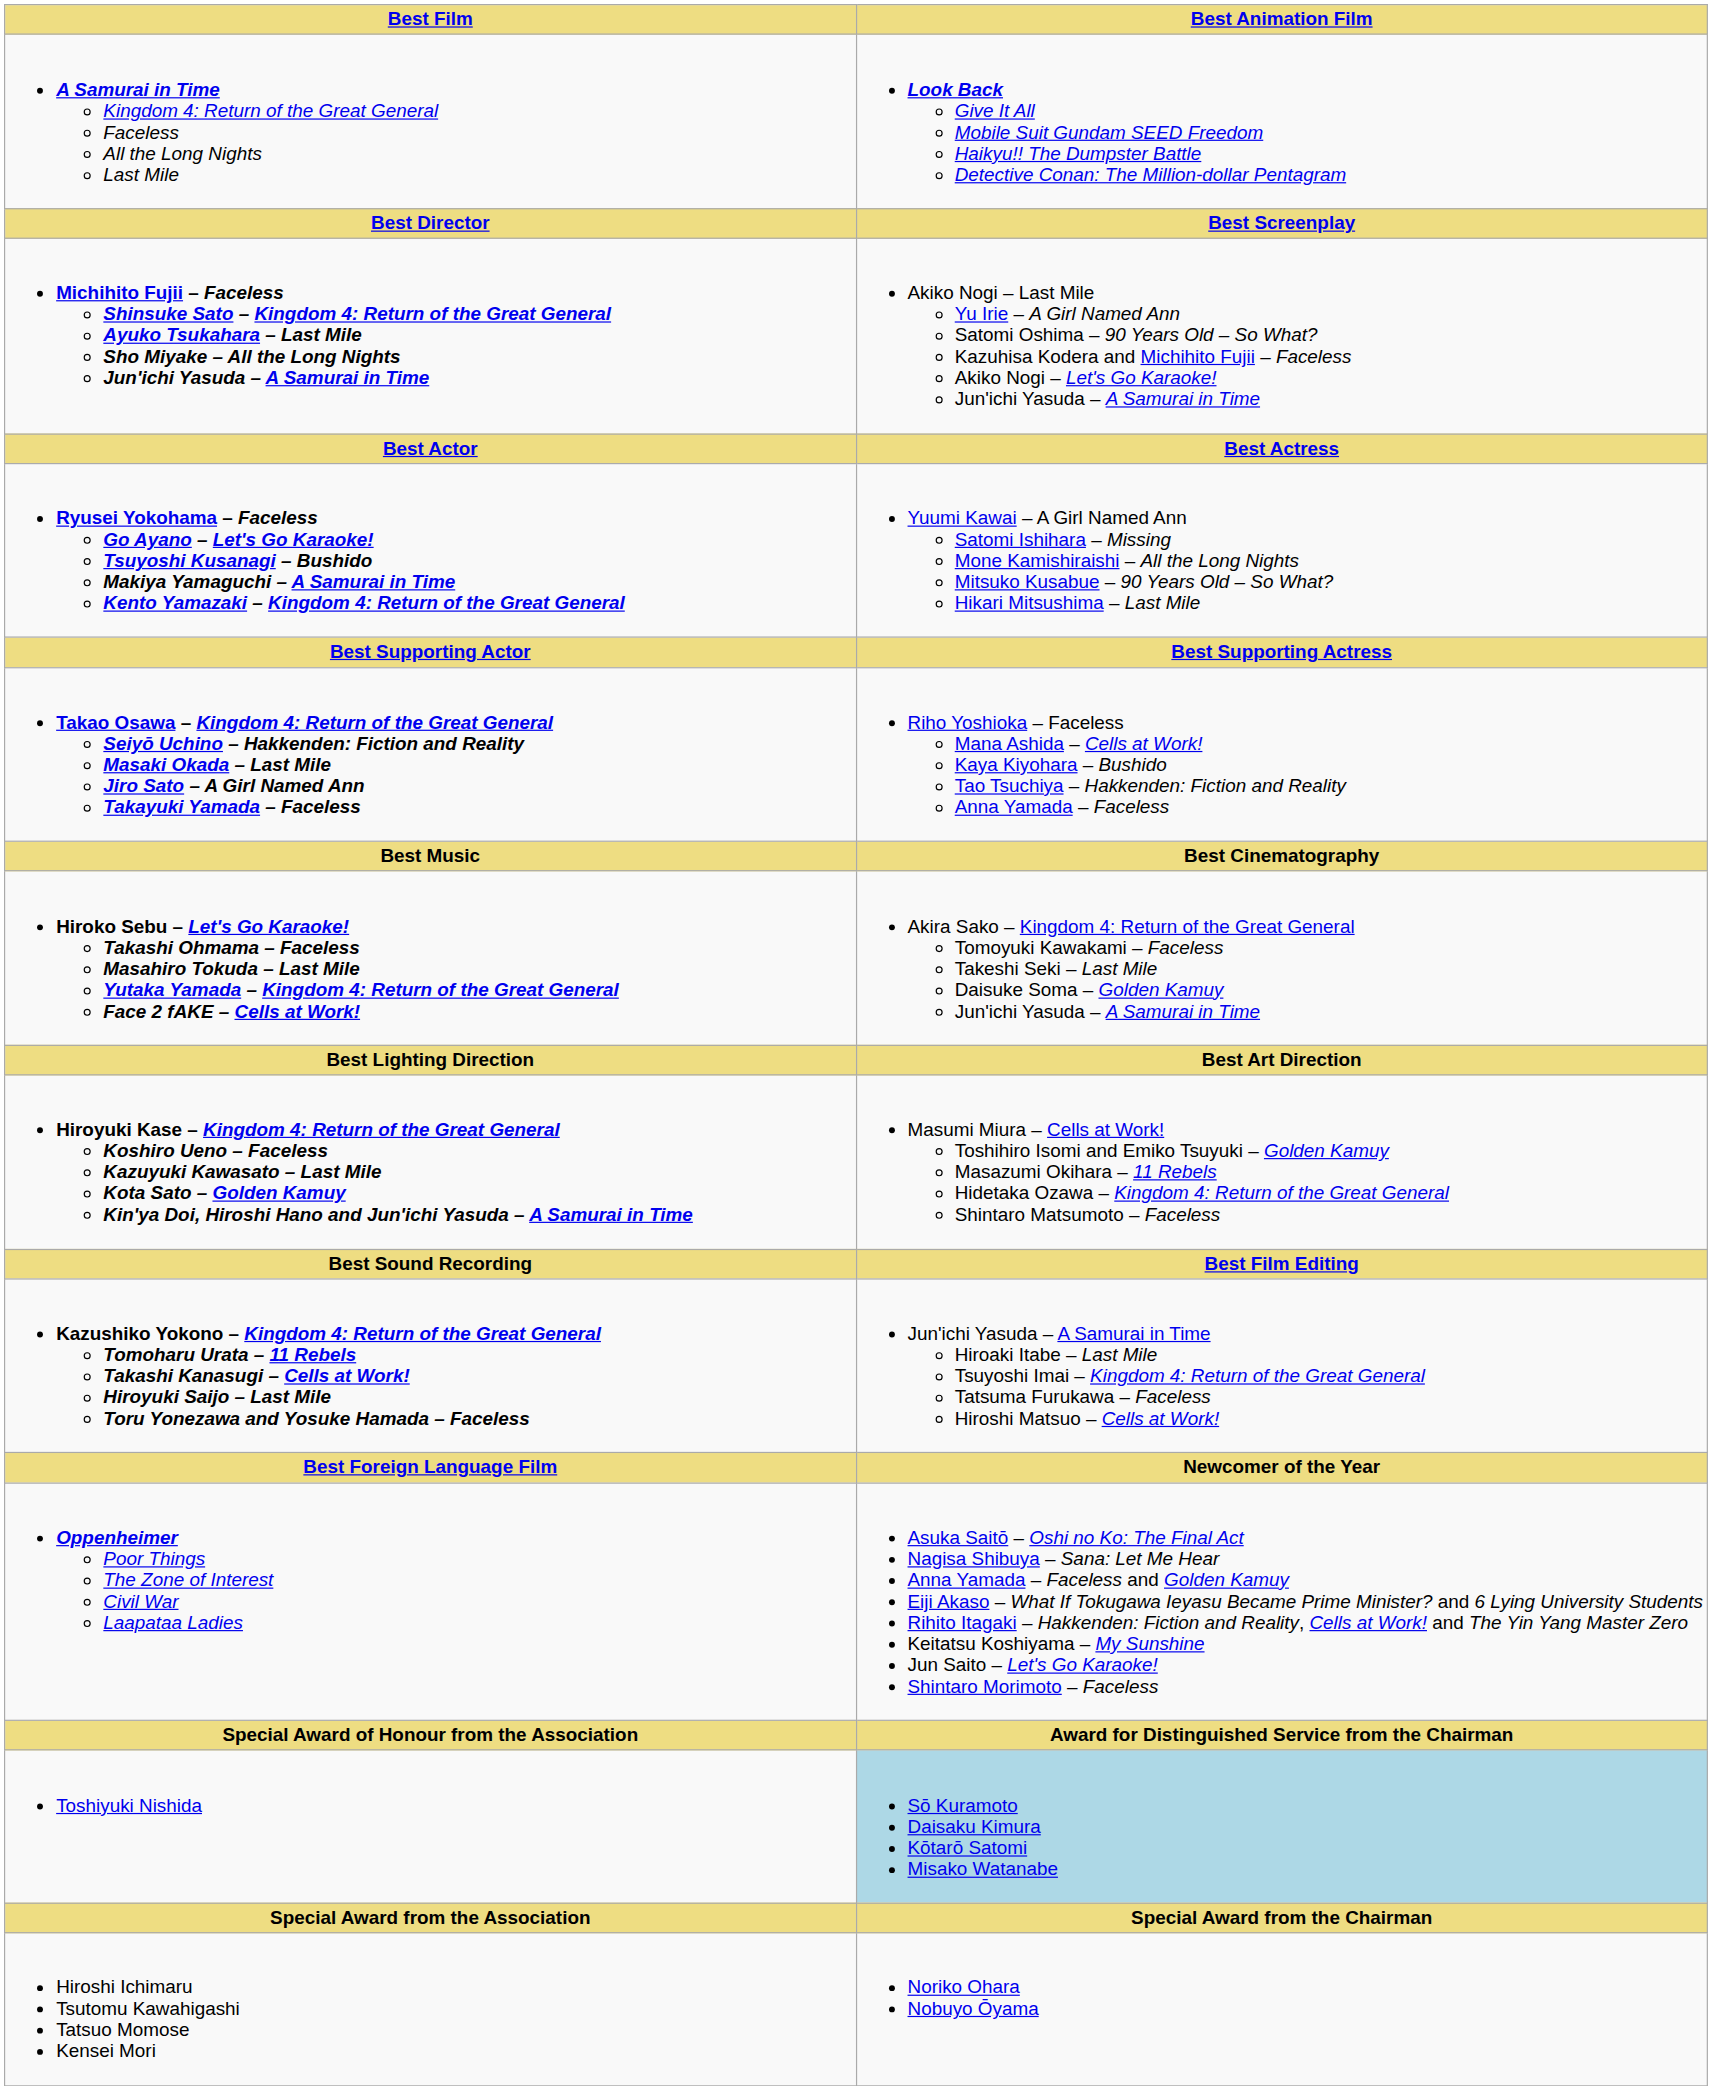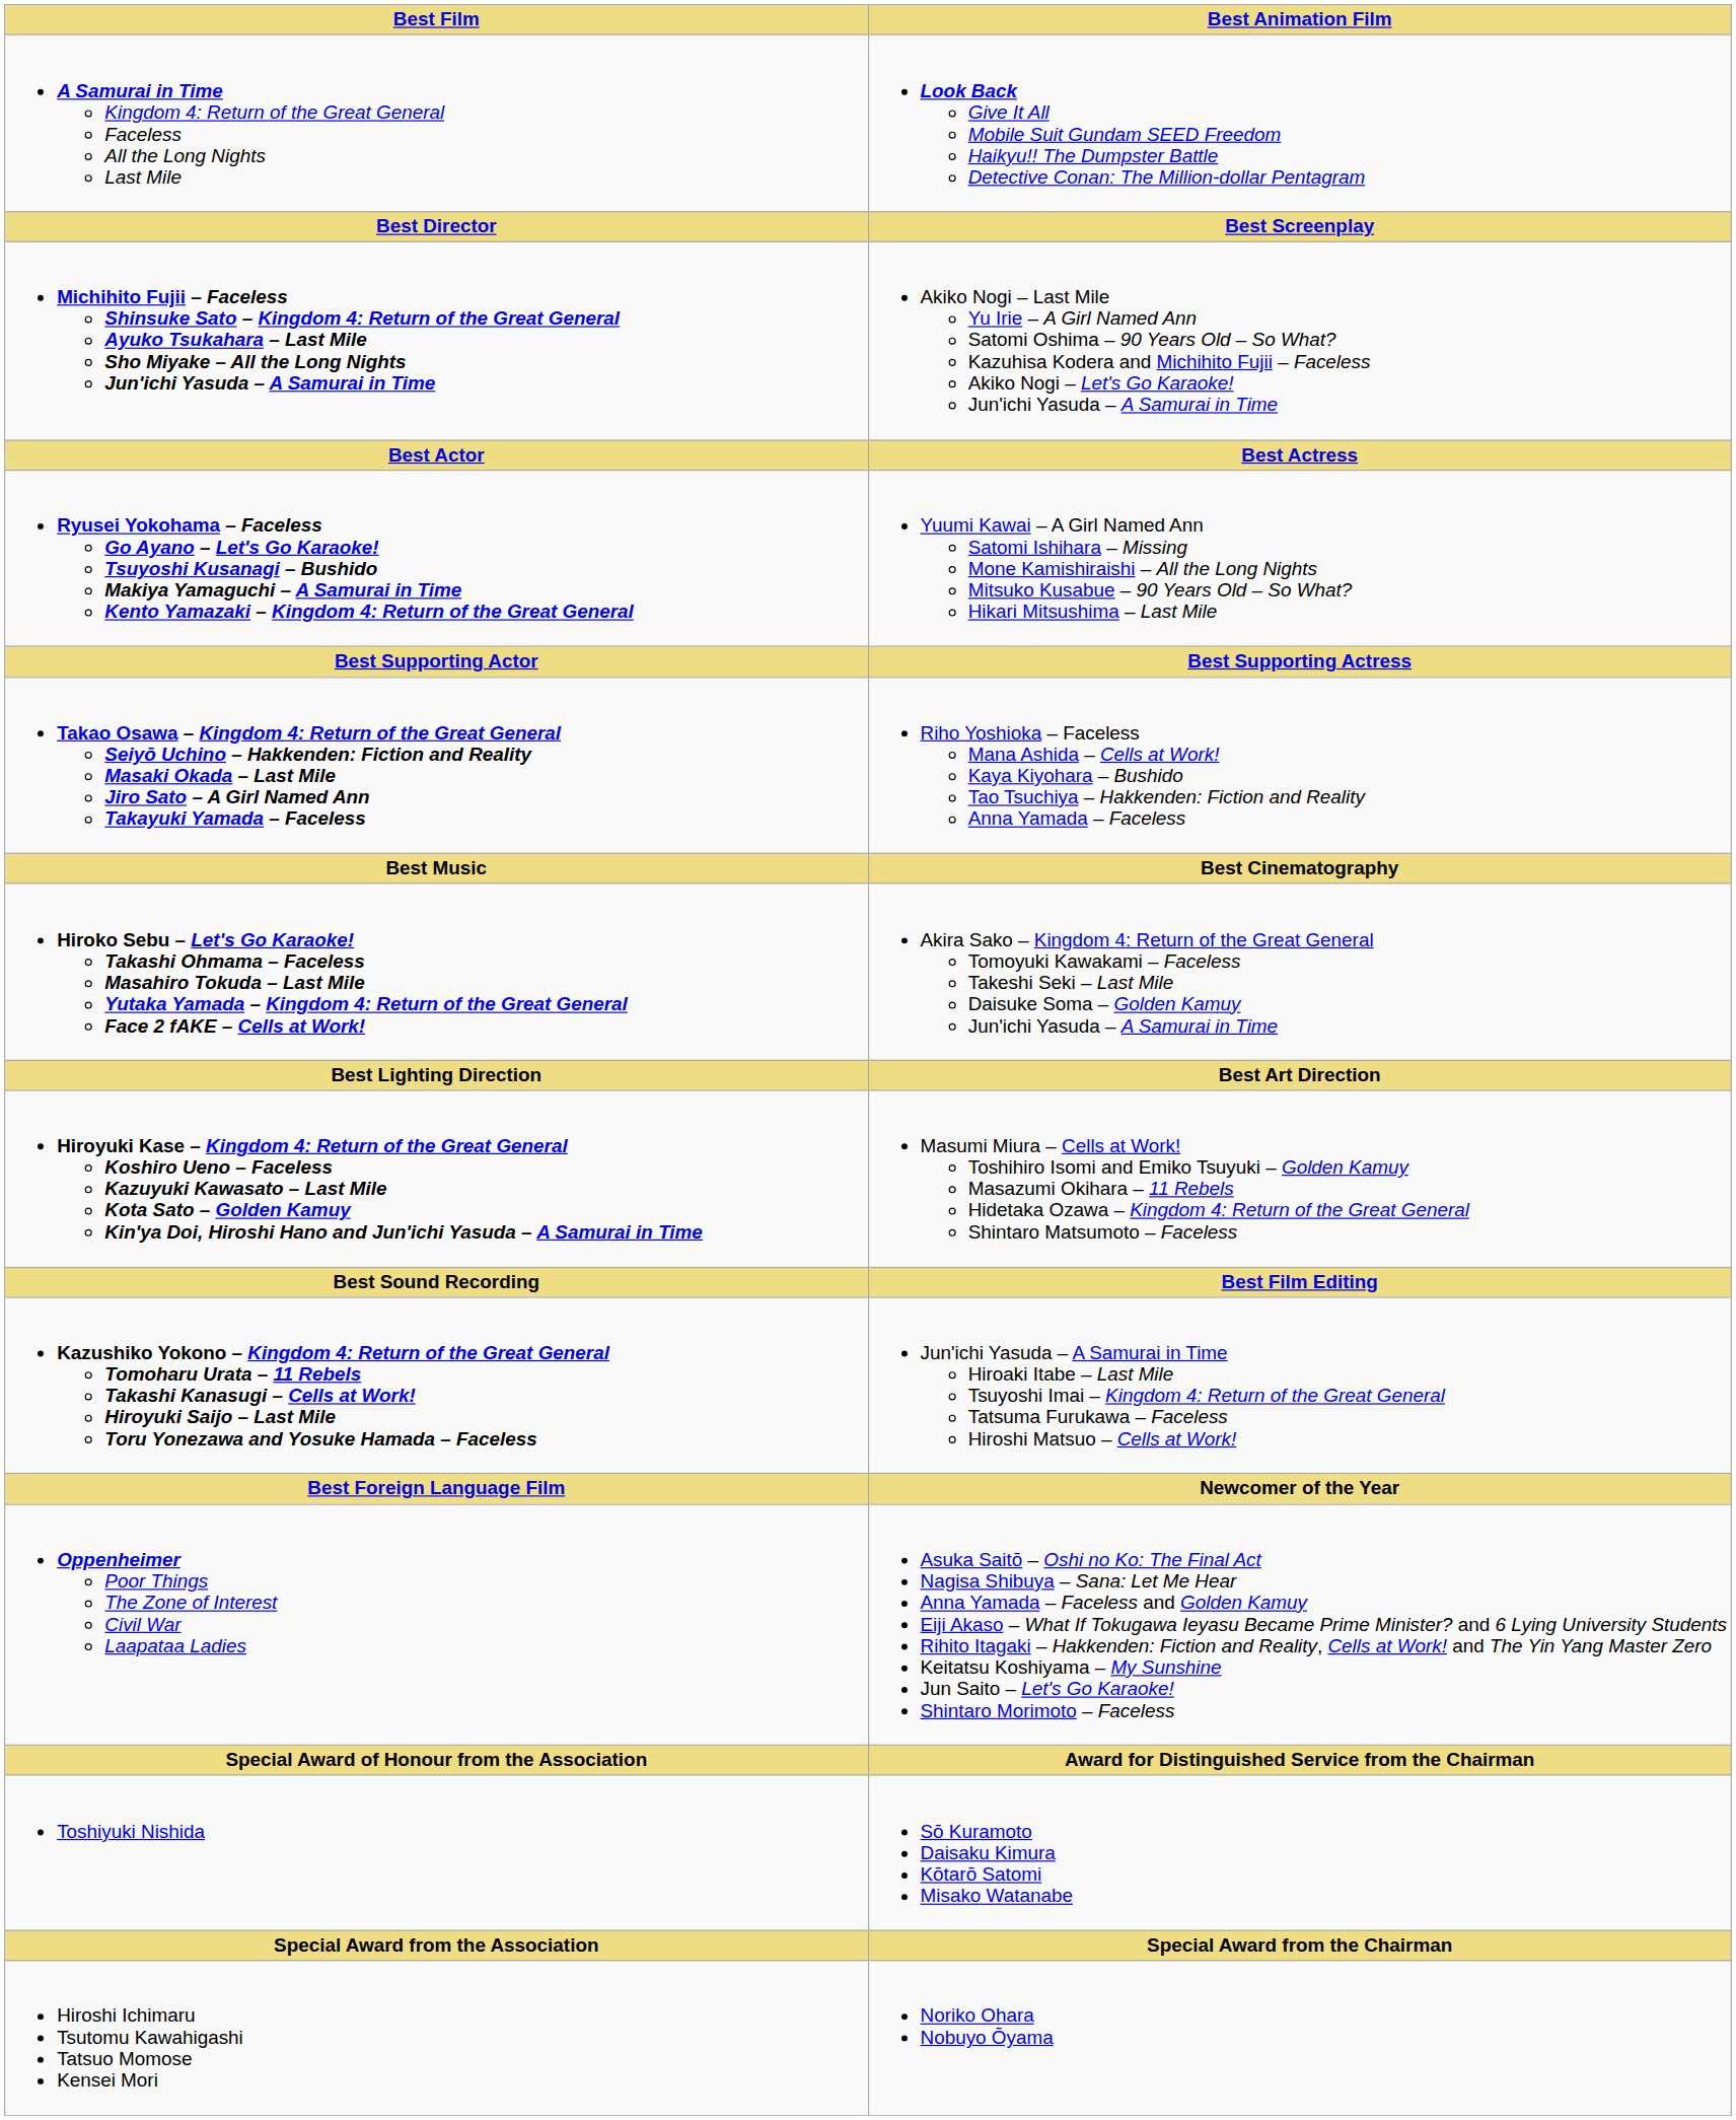 <table class=wikitable>
 <tr>
 <th style="background:#EEDD82; width:50%"><a href='#'>Best Film</a></th>
 <th style="background:#EEDD82; width:50%"><a href='#'>Best Animation Film</a></th>
 </tr>
 <tr>
 <td valign="top"><br><ul><li><strong><em><a href='#'>A Samurai in Time</a></em></strong><ul><li><em><a href='#'>Kingdom 4: Return of the Great General</a></em></li><li><em>Faceless</em></li><li><em>All the Long Nights</em></li><li><em>Last Mile</em></li></ul></li></ul></td>
 <td valign="top"><br><ul><li><strong><em><a href='#'>Look Back</a></em></strong><ul><li><em><a href='#'>Give It All</a></em></li><li><em><a href='#'>Mobile Suit Gundam SEED Freedom</a></em></li><li><em><a href='#'>Haikyu!! The Dumpster Battle</a></em></li><li><em><a href='#'>Detective Conan: The Million-dollar Pentagram</a></em></li></ul></li></ul></td>
 </tr>
 <tr>
 <th style="background:#EEDD82"><a href='#'>Best Director</a></th>
 <th style="background:#EEDD82"><a href='#'>Best Screenplay</a></th>
 </tr>
 <tr>
 <td valign="top"><br><ul><li><strong><a href='#'>Michihito Fujii</a> – <em>Faceless<strong><em><ul><li><a href='#'>Shinsuke Sato</a> – </em><a href='#'>Kingdom 4: Return of the Great General</a><em></li><li><a href='#'>Ayuko Tsukahara</a> – </em>Last Mile<em></li><li>Sho Miyake – </em>All the Long Nights<em></li><li>Jun'ichi Yasuda – </em><a href='#'>A Samurai in Time</a><em></li></ul></li></ul></td>
 <td valign="top"><br><ul><li></strong>Akiko Nogi – </em>Last Mile</em></strong><ul><li><a href='#'>Yu Irie</a> – <em>A Girl Named Ann</em></li><li>Satomi Oshima – <em>90 Years Old – So What?</em></li><li>Kazuhisa Kodera and <a href='#'>Michihito Fujii</a> – <em>Faceless</em></li><li>Akiko Nogi – <em><a href='#'>Let's Go Karaoke!</a></em></li><li>Jun'ichi Yasuda – <em><a href='#'>A Samurai in Time</a></em></li></ul></li></ul></td>
 </tr>
 <tr>
 <th style="background:#EEDD82"><a href='#'>Best Actor</a></th>
 <th style="background:#EEDD82"><a href='#'>Best Actress</a></th>
 </tr>
 <tr>
 <td valign="top"><br><ul><li><strong><a href='#'>Ryusei Yokohama</a> – <em>Faceless<strong><em><ul><li><a href='#'>Go Ayano</a> – </em><a href='#'>Let's Go Karaoke!</a><em></li><li><a href='#'>Tsuyoshi Kusanagi</a> – </em>Bushido<em></li><li>Makiya Yamaguchi – </em><a href='#'>A Samurai in Time</a><em></li><li><a href='#'>Kento Yamazaki</a> – </em><a href='#'>Kingdom 4: Return of the Great General</a><em></li></ul></li></ul></td>
 <td valign="top"><br><ul><li></strong><a href='#'>Yuumi Kawai</a> – </em>A Girl Named Ann</em></strong><ul><li><a href='#'>Satomi Ishihara</a> – <em>Missing</em></li><li><a href='#'>Mone Kamishiraishi</a> – <em>All the Long Nights</em></li><li><a href='#'>Mitsuko Kusabue</a> – <em>90 Years Old – So What?</em></li><li><a href='#'>Hikari Mitsushima</a> – <em>Last Mile</em></li></ul></li></ul></td>
 </tr>
 <tr>
 <th style="background:#EEDD82"><a href='#'>Best Supporting Actor</a></th>
 <th style="background:#EEDD82"><a href='#'>Best Supporting Actress</a></th>
 </tr>
 <tr>
 <td valign="top"><br><ul><li><strong><a href='#'>Takao Osawa</a> – <em><a href='#'>Kingdom 4: Return of the Great General</a><strong><em><ul><li><a href='#'>Seiyō Uchino</a> – </em>Hakkenden: Fiction and Reality<em></li><li><a href='#'>Masaki Okada</a> – </em>Last Mile<em></li><li><a href='#'>Jiro Sato</a> – </em>A Girl Named Ann<em></li><li><a href='#'>Takayuki Yamada</a> – </em>Faceless<em></li></ul></li></ul></td>
 <td valign="top"><br><ul><li></strong><a href='#'>Riho Yoshioka</a> – </em>Faceless</em></strong><ul><li><a href='#'>Mana Ashida</a> – <em><a href='#'>Cells at Work!</a></em></li><li><a href='#'>Kaya Kiyohara</a> – <em>Bushido</em></li><li><a href='#'>Tao Tsuchiya</a> – <em>Hakkenden: Fiction and Reality</em></li><li><a href='#'>Anna Yamada</a> – <em>Faceless</em></li></ul></li></ul></td>
 </tr>
 <tr>
 <th style="background:#EEDD82">Best Music</th>
 <th style="background:#EEDD82">Best Cinematography</th>
 </tr>
 <tr>
 <td valign="top"><br><ul><li><strong>Hiroko Sebu – <em><a href='#'>Let's Go Karaoke!</a><strong><em><ul><li>Takashi Ohmama – </em>Faceless<em></li><li>Masahiro Tokuda – </em>Last Mile<em></li><li><a href='#'>Yutaka Yamada</a> – </em><a href='#'>Kingdom 4: Return of the Great General</a><em></li><li>Face 2 fAKE – </em><a href='#'>Cells at Work!</a><em></li></ul></li></ul></td>
 <td valign="top"><br><ul><li></strong>Akira Sako – </em><a href='#'>Kingdom 4: Return of the Great General</a></em></strong><ul><li>Tomoyuki Kawakami – <em>Faceless</em></li><li>Takeshi Seki – <em>Last Mile</em></li><li>Daisuke Soma – <em><a href='#'>Golden Kamuy</a></em></li><li>Jun'ichi Yasuda – <em><a href='#'>A Samurai in Time</a></em></li></ul></li></ul></td>
 </tr>
 <tr>
 <th style="background:#EEDD82">Best Lighting Direction</th>
 <th style="background:#EEDD82">Best Art Direction</th>
 </tr>
 <tr>
 <td valign="top"><br><ul><li><strong>Hiroyuki Kase – <em><a href='#'>Kingdom 4: Return of the Great General</a><strong><em><ul><li>Koshiro Ueno – </em>Faceless<em></li><li>Kazuyuki Kawasato – </em>Last Mile<em></li><li>Kota Sato – </em><a href='#'>Golden Kamuy</a><em></li><li>Kin'ya Doi, Hiroshi Hano and Jun'ichi Yasuda – </em><a href='#'>A Samurai in Time</a><em></li></ul></li></ul></td>
 <td valign="top"><br><ul><li></strong>Masumi Miura – </em><a href='#'>Cells at Work!</a></em></strong><ul><li>Toshihiro Isomi and Emiko Tsuyuki – <em><a href='#'>Golden Kamuy</a></em></li><li>Masazumi Okihara – <em><a href='#'>11 Rebels</a></em></li><li>Hidetaka Ozawa – <em><a href='#'>Kingdom 4: Return of the Great General</a></em></li><li>Shintaro Matsumoto – <em>Faceless</em></li></ul></li></ul></td>
 </tr>
 <tr>
 <th style="background:#EEDD82">Best Sound Recording</th>
 <th style="background:#EEDD82"><a href='#'>Best Film Editing</a></th>
 </tr>
 <tr>
 <td valign="top"><br><ul><li><strong>Kazushiko Yokono – <em><a href='#'>Kingdom 4: Return of the Great General</a><strong><em><ul><li>Tomoharu Urata – </em><a href='#'>11 Rebels</a><em></li><li>Takashi Kanasugi – </em><a href='#'>Cells at Work!</a><em></li><li>Hiroyuki Saijo – </em>Last Mile<em></li><li>Toru Yonezawa and Yosuke Hamada – </em>Faceless<em></li></ul></li></ul></td>
 <td valign="top"><br><ul><li></strong>Jun'ichi Yasuda – </em><a href='#'>A Samurai in Time</a></em></strong><ul><li>Hiroaki Itabe – <em>Last Mile</em></li><li>Tsuyoshi Imai – <em><a href='#'>Kingdom 4: Return of the Great General</a></em></li><li>Tatsuma Furukawa – <em>Faceless</em></li><li>Hiroshi Matsuo – <em><a href='#'>Cells at Work!</a></em></li></ul></li></ul></td>
 </tr>
 <tr>
 <th style="background:#EEDD82"><a href='#'>Best Foreign Language Film</a></th>
 <th style="background:#EEDD82">Newcomer of the Year</th>
 </tr>
 <tr>
 <td valign="top"><br><ul><li><strong><em><a href='#'>Oppenheimer</a></em></strong><ul><li><em><a href='#'>Poor Things</a></em></li><li><em><a href='#'>The Zone of Interest</a></em></li><li><em><a href='#'>Civil War</a></em></li><li><em><a href='#'>Laapataa Ladies</a></em></li></ul></li></ul></td>
 <td valign="top"><br><ul><li><a href='#'>Asuka Saitō</a> – <em><a href='#'>Oshi no Ko: The Final Act</a></em></li><li><a href='#'>Nagisa Shibuya</a> – <em>Sana: Let Me Hear</em></li><li><a href='#'>Anna Yamada</a> – <em>Faceless</em> and <em><a href='#'>Golden Kamuy</a></em></li><li><a href='#'>Eiji Akaso</a> – <em>What If Tokugawa Ieyasu Became Prime Minister?</em> and <em>6 Lying University Students</em></li><li><a href='#'>Rihito Itagaki</a> – <em>Hakkenden: Fiction and Reality</em>, <em><a href='#'>Cells at Work!</a></em> and <em>The Yin Yang Master Zero</em></li><li>Keitatsu Koshiyama – <em><a href='#'>My Sunshine</a></em></li><li>Jun Saito – <em><a href='#'>Let's Go Karaoke!</a></em></li><li><a href='#'>Shintaro Morimoto</a> – <em>Faceless</em></li></ul></td>
 </tr>
 <tr>
 <th style="background:#EEDD82">Special Award of Honour from the Association</th>
 <th style="background:#EEDD82">Award for Distinguished Service from the Chairman</th>
 </tr>
 <tr>
 <td valign="top"><br><ul><li><a href='#'>Toshiyuki Nishida</a></li></ul></td>
-<td valign="top" style="background: lightblue;"><br><ul><li><a href='#'>Sō Kuramoto</a></li><li><a href='#'>Daisaku Kimura</a></li><li><a href='#'>Kōtarō Satomi</a></li><li><a href='#'>Misako Watanabe</a></li></ul></td>
+<td valign="top"><br><ul><li><a href='#'>Sō Kuramoto</a></li><li><a href='#'>Daisaku Kimura</a></li><li><a href='#'>Kōtarō Satomi</a></li><li><a href='#'>Misako Watanabe</a></li></ul></td>
 </tr>
 <tr>
 <th style="background:#EEDD82">Special Award from the Association</th>
 <th style="background:#EEDD82">Special Award from the Chairman</th>
 </tr>
 <tr>
 <td valign="top"><br><ul><li>Hiroshi Ichimaru</li><li>Tsutomu Kawahigashi</li><li>Tatsuo Momose</li><li>Kensei Mori</li></ul></td>
 <td valign="top"><br><ul><li><a href='#'>Noriko Ohara</a></li><li><a href='#'>Nobuyo Ōyama</a></li></ul></td>
 </tr>
 <tr>
 </tr>
 </table>
